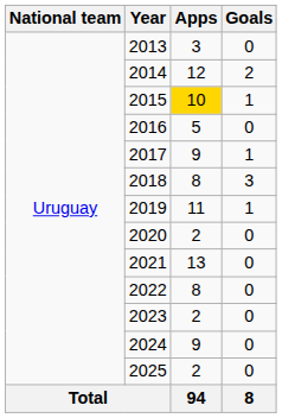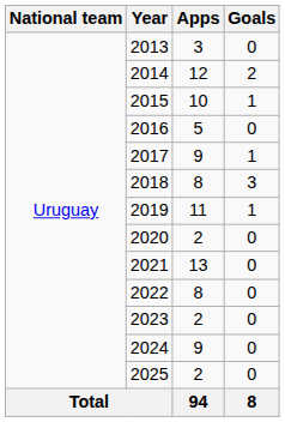 <table class="wikitable" style="text-align:center">
 <tr>
 <th>National team</th>
 <th>Year</th>
 <th>Apps</th>
 <th>Goals</th>
 </tr>
 <tr>
 <td rowspan="13"><a href='#'>Uruguay</a></td>
 <td>2013</td>
 <td>3</td>
 <td>0</td>
 </tr>
 <tr>
 <td>2014</td>
 <td>12</td>
 <td>2</td>
 </tr>
 <tr>
 <td>2015</td>
-<td style="background: gold;">10</td>
+<td>10</td>
 <td>1</td>
 </tr>
 <tr>
 <td>2016</td>
 <td>5</td>
 <td>0</td>
 </tr>
 <tr>
 <td>2017</td>
 <td>9</td>
 <td>1</td>
 </tr>
 <tr>
 <td>2018</td>
 <td>8</td>
 <td>3</td>
 </tr>
 <tr>
 <td>2019</td>
 <td>11</td>
 <td>1</td>
 </tr>
 <tr>
 <td>2020</td>
 <td>2</td>
 <td>0</td>
 </tr>
 <tr>
 <td>2021</td>
 <td>13</td>
 <td>0</td>
 </tr>
 <tr>
 <td>2022</td>
 <td>8</td>
 <td>0</td>
 </tr>
 <tr>
 <td>2023</td>
 <td>2</td>
 <td>0</td>
 </tr>
 <tr>
 <td>2024</td>
 <td>9</td>
 <td>0</td>
 </tr>
 <tr>
 <td>2025</td>
 <td>2</td>
 <td>0</td>
 </tr>
 <tr>
 <th colspan="2">Total</th>
 <th>94</th>
 <th>8</th>
 </tr>
 </table>
